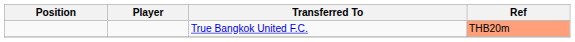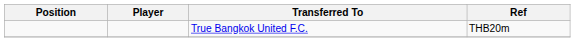 <table class="wikitable sortable" style="width:70%; text-align:center; font-size:100%; text-align:left;">
 <tr>
 <th><strong>Position</strong></th>
 <th><strong>Player</strong></th>
 <th><strong>Transferred To</strong></th>
 <th><strong>Ref</strong></th>
 </tr>
 <tr>
 <td></td>
 <td></td>
 <td> <a href='#'>True Bangkok United F.C.</a></td>
-<td style="background: lightsalmon;">THB20m</td>
+<td>THB20m</td>
 </tr>
 <tr>
 </tr>
 </table>
